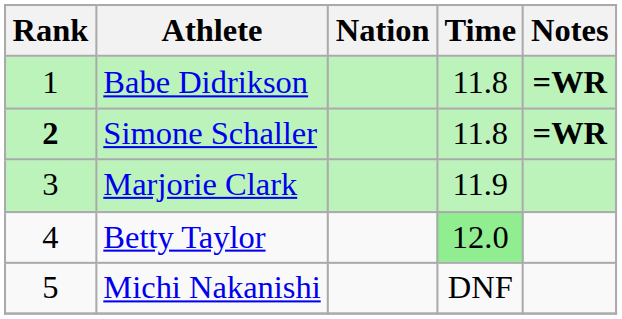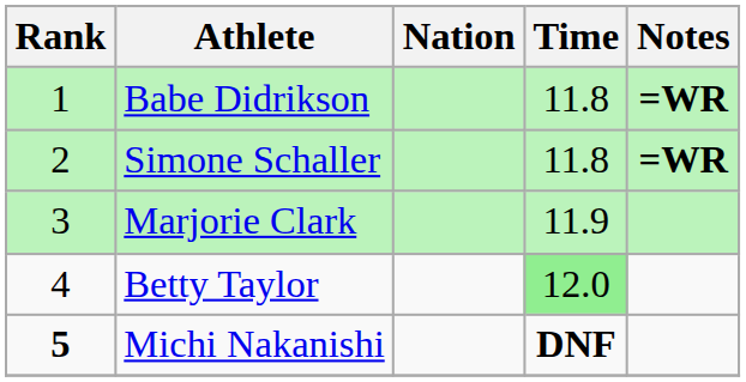 <table class="wikitable sortable" style="text-align:center">
 <tr>
 <th>Rank</th>
 <th>Athlete</th>
 <th>Nation</th>
 <th>Time</th>
 <th>Notes</th>
 </tr>
 <tr bgcolor=bbf3bb>
 <td>1</td>
 <td align=left><a href='#'>Babe Didrikson</a></td>
 <td align=left></td>
 <td>11.8</td>
 <td><strong>=WR</strong></td>
 </tr>
 <tr bgcolor=bbf3bb>
-<td><strong>2</strong></td>
+<td>2</td>
 <td align=left><a href='#'>Simone Schaller</a></td>
 <td align=left></td>
 <td>11.8</td>
 <td><strong>=WR </strong></td>
 </tr>
 <tr bgcolor=bbf3bb>
 <td>3</td>
 <td align=left><a href='#'>Marjorie Clark</a></td>
 <td align=left></td>
 <td>11.9</td>
 <td></td>
 </tr>
 <tr>
 <td>4</td>
 <td align=left><a href='#'>Betty Taylor</a></td>
 <td align=left></td>
 <td style="background: lightgreen;">12.0</td>
 <td></td>
 </tr>
 <tr>
-<td>5</td>
+<td><strong>5</strong></td>
 <td align=left><a href='#'>Michi Nakanishi</a></td>
 <td align=left></td>
-<td>DNF</td>
+<td><strong>DNF</strong></td>
 <td></td>
 </tr>
 <tr>
 </tr>
 </table>
